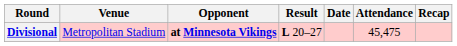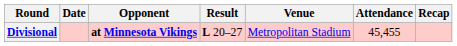 <table class="wikitable" style="text-align:center">
 <tr>
 <th>Round</th>
-<th>Venue</th>
+<th>Date</th>
 <th>Opponent</th>
 <th>Result</th>
-<th>Date</th>
+<th>Venue</th>
 <th>Attendance</th>
 <th>Recap</th>
 </tr>
 <tr style="background:#fcc">
 <th><a href='#'>Divisional</a></th>
-<td><a href='#'>Metropolitan Stadium</a></td>
+<td></td>
 <td><strong>at <a href='#'>Minnesota Vikings</a></strong></td>
 <td><strong>L</strong> 20–27</td>
-<td></td>
-<td>45,475</td>
+<td><a href='#'>Metropolitan Stadium</a></td>
+<td>45,455</td>
 <td></td>
 </tr>
 </table>
